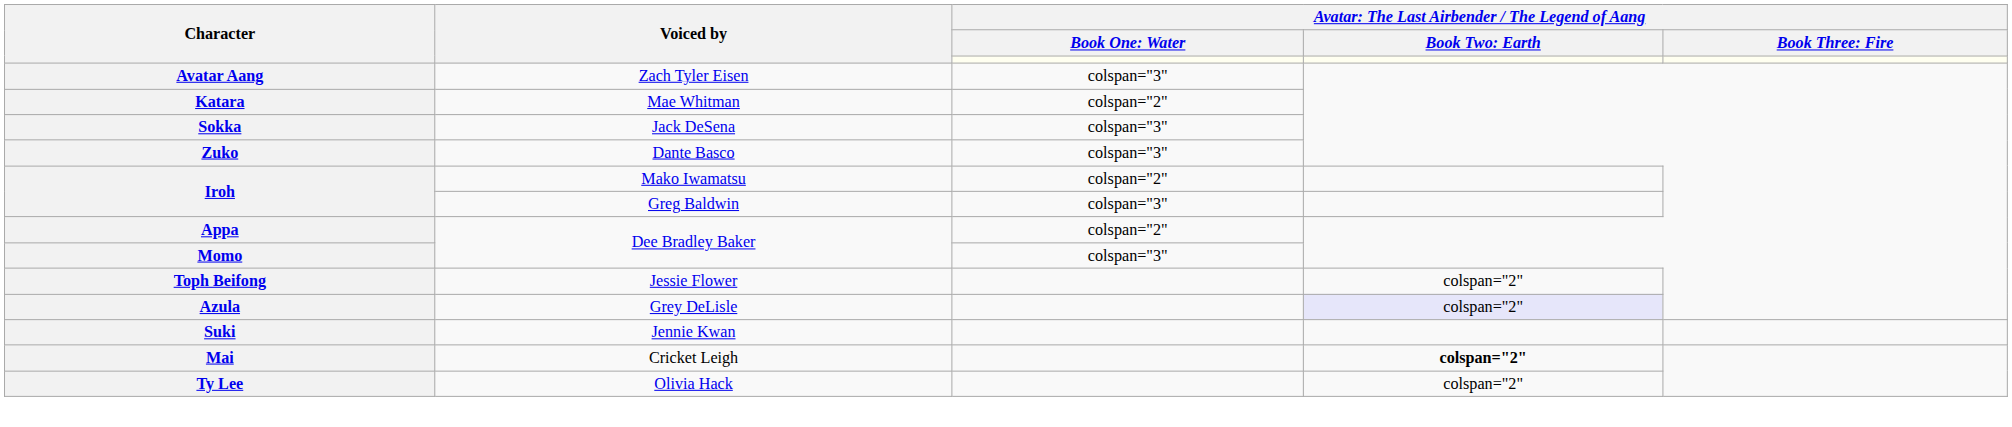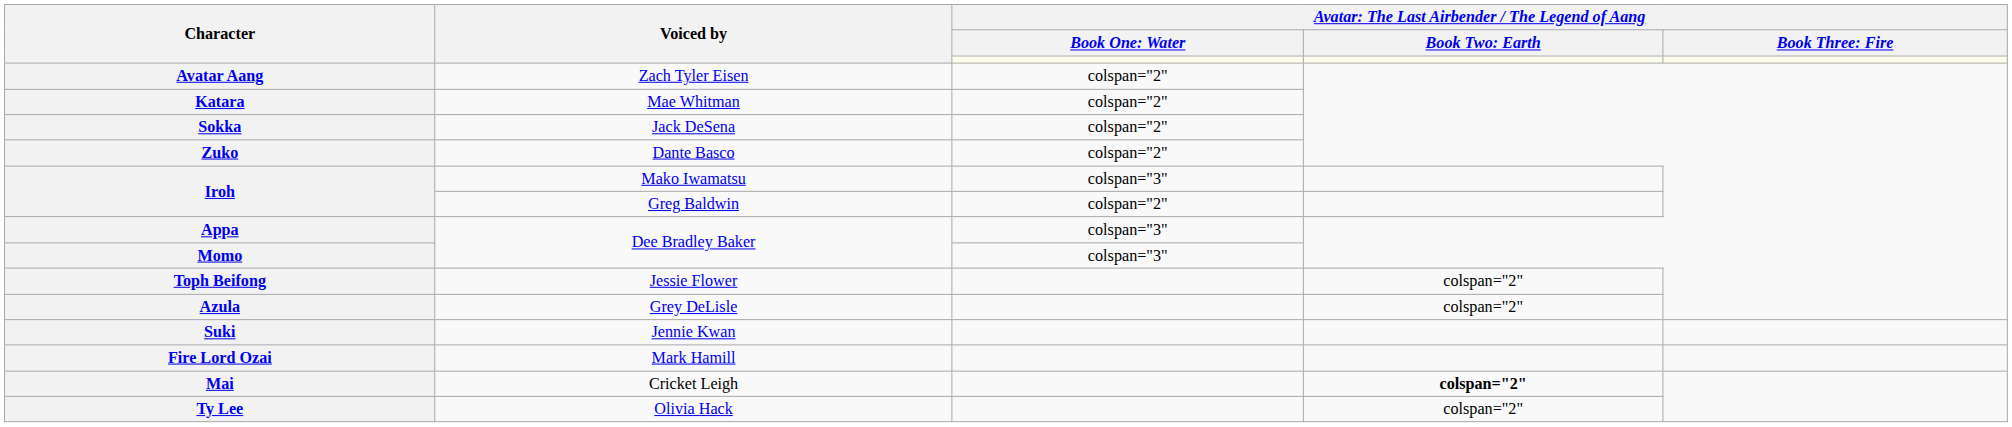 <table class="wikitable" style="text-align:center; width:100%; text-size:70%;">
 <tr>
 <th rowspan="3" style="width:5%;">Character</th>
 <th rowspan="3" style="width:6%;">Voiced by</th>
 <th colspan="3" style="text-align:center;"><em><a href='#'>Avatar: The Last Airbender / The Legend of Aang</a></em></th>
 </tr>
 <tr>
 <th style="text-align:center; width:4%;"><a href='#'><em>Book One: Water</em></a></th>
 <th style="text-align:center; width:4%;"><a href='#'><em>Book Two: Earth</em></a></th>
 <th style="text-align:center; width:4%;"><a href='#'><em>Book Three: Fire</em></a></th>
 </tr>
 <tr>
 <td style="background:ivory;"></td>
 <td style="background:ivory;"></td>
 <td style="background:ivory;"></td>
 </tr>
 <tr>
 <th><a href='#'>Avatar Aang</a></th>
 <td><a href='#'>Zach Tyler Eisen</a></td>
-<td>colspan="3" </td>
+<td>colspan="2" </td>
 </tr>
 <tr>
 <th><a href='#'>Katara</a></th>
 <td><a href='#'>Mae Whitman</a></td>
 <td>colspan="2" </td>
 </tr>
 <tr>
 <th><a href='#'>Sokka</a></th>
 <td><a href='#'>Jack DeSena</a></td>
-<td>colspan="3" </td>
+<td>colspan="2" </td>
 </tr>
 <tr>
 <th><a href='#'>Zuko</a></th>
 <td><a href='#'>Dante Basco</a></td>
-<td>colspan="3" </td>
+<td>colspan="2" </td>
 </tr>
 <tr>
 <th rowspan="2"><a href='#'>Iroh</a></th>
 <td><a href='#'>Mako Iwamatsu</a></td>
-<td>colspan="2" </td>
+<td>colspan="3" </td>
 <td></td>
 </tr>
 <tr>
 <td><a href='#'>Greg Baldwin</a></td>
-<td>colspan="3" </td>
+<td>colspan="2" </td>
 <td></td>
 </tr>
 <tr>
 <th><a href='#'>Appa</a></th>
 <td rowspan="2"><a href='#'>Dee Bradley Baker</a></td>
-<td>colspan="2" </td>
+<td>colspan="3" </td>
 </tr>
 <tr>
 <th><a href='#'>Momo</a></th>
 <td>colspan="3" </td>
 </tr>
 <tr>
 <th><a href='#'>Toph Beifong</a></th>
 <td><a href='#'>Jessie Flower</a></td>
 <td></td>
 <td>colspan="2" </td>
 </tr>
 <tr>
 <th><a href='#'>Azula</a></th>
 <td><a href='#'>Grey DeLisle</a></td>
 <td></td>
-<td style="background: lavender;">colspan="2" </td>
+<td>colspan="2" </td>
 </tr>
 <tr>
 <th><a href='#'>Suki</a></th>
 <td><a href='#'>Jennie Kwan</a></td>
+<td></td>
+<td></td>
+<td></td>
+</tr>
+<tr>
+<th><a href='#'>Fire Lord Ozai</a></th>
+<td><a href='#'>Mark Hamill</a></td>
 <td></td>
 <td></td>
 <td></td>
 </tr>
 <tr>
 <th><a href='#'>Mai</a></th>
 <td>Cricket Leigh</td>
 <td></td>
 <td><strong>colspan="2" </strong></td>
 </tr>
 <tr>
 <th><a href='#'>Ty Lee</a></th>
 <td><a href='#'>Olivia Hack</a></td>
 <td></td>
 <td>colspan="2" </td>
 </tr>
 </table>
